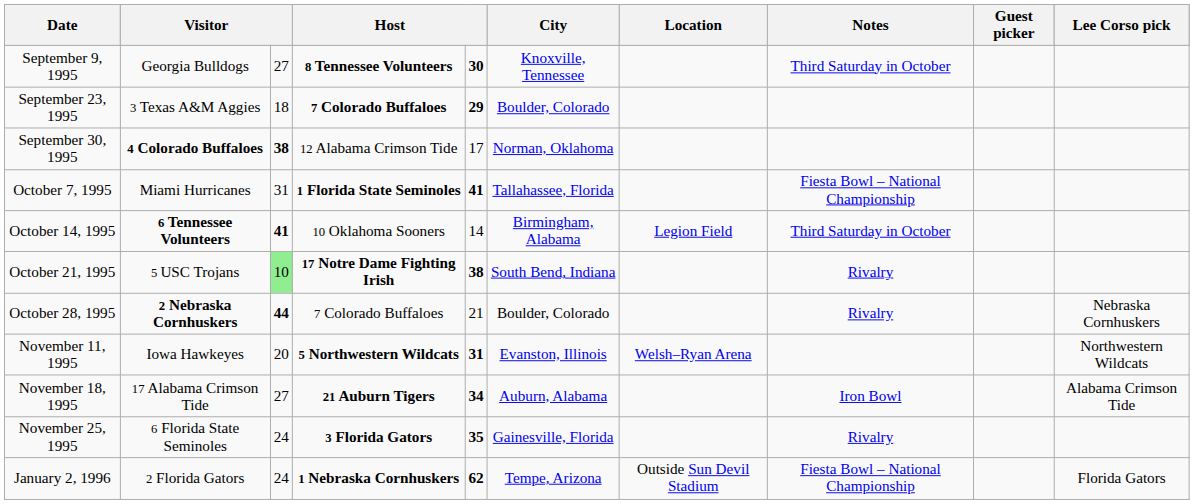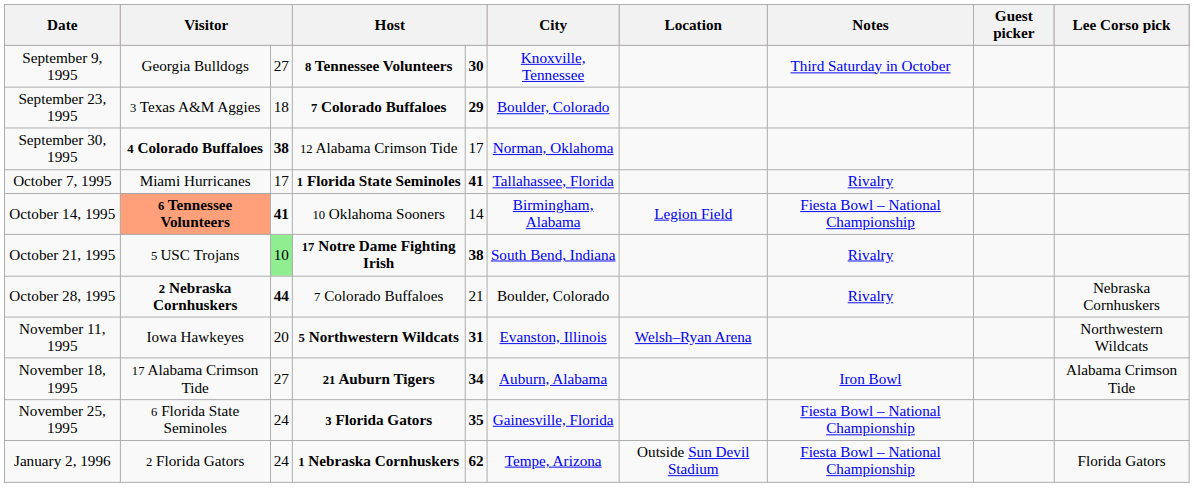 <table class="wikitable" style="text-align:center">
 <tr style="background:#A32638;"|>
 <th>Date</th>
 <th colspan=2>Visitor</th>
 <th colspan=2>Host</th>
 <th>City</th>
 <th>Location</th>
 <th>Notes</th>
 <th>Guest picker</th>
 <th>Lee Corso pick</th>
 </tr>
 <tr>
 <td>September 9, 1995</td>
 <td>Georgia Bulldogs</td>
 <td>27</td>
 <td><strong><small>8</small> Tennessee Volunteers</strong></td>
 <td><strong>30</strong></td>
 <td><a href='#'>Knoxville, Tennessee</a></td>
 <td></td>
 <td><a href='#'>Third Saturday in October</a></td>
 <td></td>
 <td></td>
 </tr>
 <tr>
 <td>September 23, 1995</td>
 <td><small>3</small> Texas A&M Aggies</td>
 <td>18</td>
 <td><strong><small>7</small> Colorado Buffaloes</strong></td>
 <td><strong>29</strong></td>
 <td><a href='#'>Boulder, Colorado</a></td>
 <td></td>
 <td></td>
 <td></td>
 <td></td>
 </tr>
 <tr>
 <td>September 30, 1995</td>
 <td><strong><small>4</small> Colorado Buffaloes</strong></td>
 <td><strong>38</strong></td>
 <td><small>12</small> Alabama Crimson Tide</td>
 <td>17</td>
 <td><a href='#'>Norman, Oklahoma</a></td>
 <td></td>
 <td></td>
 <td></td>
 <td></td>
 </tr>
 <tr>
 <td>October 7, 1995</td>
 <td>Miami Hurricanes</td>
-<td>31</td>
+<td>17</td>
 <td><strong><small>1</small> Florida State Seminoles</strong></td>
 <td><strong>41</strong></td>
 <td><a href='#'>Tallahassee, Florida</a></td>
 <td></td>
-<td><a href='#'>Fiesta Bowl – National Championship</a></td>
+<td><a href='#'>Rivalry</a></td>
 <td></td>
 <td></td>
 </tr>
 <tr>
 <td>October 14, 1995</td>
-<td><strong><small>6</small> Tennessee Volunteers</strong></td>
+<td style="background: lightsalmon;"><strong><small>6</small> Tennessee Volunteers</strong></td>
 <td><strong>41</strong></td>
 <td><small>10</small> Oklahoma Sooners</td>
 <td>14</td>
 <td><a href='#'>Birmingham, Alabama</a></td>
 <td><a href='#'>Legion Field</a></td>
-<td><a href='#'>Third Saturday in October</a></td>
+<td><a href='#'>Fiesta Bowl – National Championship</a></td>
 <td></td>
 <td></td>
 </tr>
 <tr>
 <td>October 21, 1995</td>
 <td><small>5 </small> USC Trojans</td>
 <td style="background: lightgreen;">10</td>
 <td><strong><small>17</small> Notre Dame Fighting Irish</strong></td>
 <td><strong>38</strong></td>
 <td><a href='#'>South Bend, Indiana</a></td>
 <td></td>
 <td><a href='#'>Rivalry</a></td>
 <td></td>
 <td></td>
 </tr>
 <tr>
 <td>October 28, 1995</td>
 <td><strong><small>2</small> Nebraska Cornhuskers</strong></td>
 <td><strong>44</strong></td>
 <td><small>7</small> Colorado Buffaloes</td>
 <td>21</td>
 <td>Boulder, Colorado</td>
 <td></td>
 <td><a href='#'>Rivalry</a></td>
 <td></td>
 <td>Nebraska Cornhuskers</td>
 </tr>
 <tr>
 <td>November 11, 1995</td>
 <td>Iowa Hawkeyes</td>
 <td>20</td>
 <td><strong><small>5</small> Northwestern Wildcats</strong></td>
 <td><strong>31</strong></td>
 <td><a href='#'>Evanston, Illinois</a></td>
 <td><a href='#'>Welsh–Ryan Arena</a></td>
 <td></td>
 <td></td>
 <td>Northwestern Wildcats</td>
 </tr>
 <tr>
 <td>November 18, 1995</td>
 <td><small>17</small> Alabama Crimson Tide</td>
 <td>27</td>
 <td><strong><small>21</small> Auburn Tigers</strong></td>
 <td><strong>34</strong></td>
 <td><a href='#'>Auburn, Alabama</a></td>
 <td></td>
 <td><a href='#'>Iron Bowl</a></td>
 <td></td>
 <td>Alabama Crimson Tide</td>
 </tr>
 <tr>
 <td>November 25, 1995</td>
 <td><small>6</small> Florida State Seminoles</td>
 <td>24</td>
 <td><strong><small>3</small> Florida Gators</strong></td>
 <td><strong>35</strong></td>
 <td><a href='#'>Gainesville, Florida</a></td>
 <td></td>
-<td><a href='#'>Rivalry</a></td>
+<td><a href='#'>Fiesta Bowl – National Championship</a></td>
 <td></td>
 <td></td>
 </tr>
 <tr>
 <td>January 2, 1996</td>
 <td><small>2</small> Florida Gators</td>
 <td>24</td>
 <td><strong><small>1</small> Nebraska Cornhuskers</strong></td>
 <td><strong>62</strong></td>
 <td><a href='#'>Tempe, Arizona</a></td>
 <td>Outside <a href='#'>Sun Devil Stadium</a></td>
 <td><a href='#'>Fiesta Bowl – National Championship</a></td>
 <td></td>
 <td>Florida Gators</td>
 </tr>
 </table>
